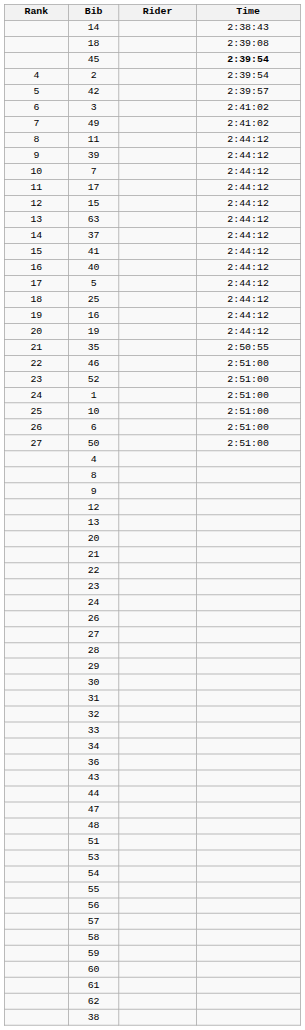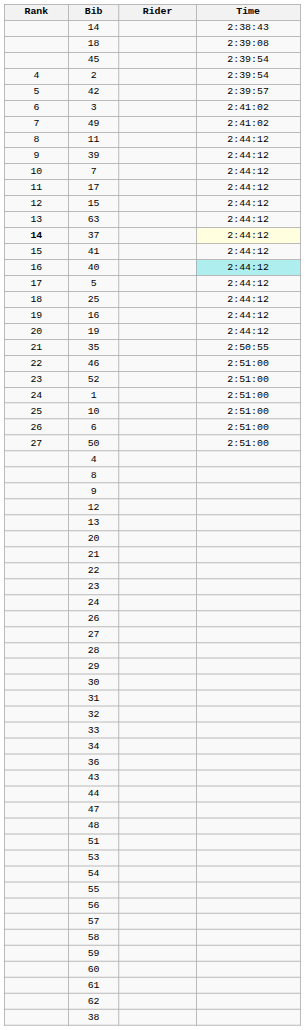 <table class="wikitable" style="text-align:center;font-size:95%;width:30em;">
 <tr>
 <th>Rank</th>
 <th>Bib</th>
 <th>Rider</th>
 <th>Time</th>
 </tr>
 <tr>
 <td></td>
 <td>14</td>
 <td style="text-align:left;"></td>
 <td>2:38:43</td>
 </tr>
 <tr>
 <td></td>
 <td>18</td>
 <td style="text-align:left;"></td>
 <td>2:39:08</td>
 </tr>
 <tr>
 <td></td>
 <td>45</td>
 <td style="text-align:left;"></td>
-<td><strong>2:39:54</strong></td>
+<td>2:39:54</td>
 </tr>
 <tr>
 <td>4</td>
 <td>2</td>
 <td style="text-align:left;"></td>
 <td>2:39:54</td>
 </tr>
 <tr>
 <td>5</td>
 <td>42</td>
 <td style="text-align:left;"></td>
 <td>2:39:57</td>
 </tr>
 <tr>
 <td>6</td>
 <td>3</td>
 <td style="text-align:left;"></td>
 <td>2:41:02</td>
 </tr>
 <tr>
 <td>7</td>
 <td>49</td>
 <td style="text-align:left;"></td>
 <td>2:41:02</td>
 </tr>
 <tr>
 <td>8</td>
 <td>11</td>
 <td style="text-align:left"></td>
 <td>2:44:12</td>
 </tr>
 <tr>
 <td>9</td>
 <td>39</td>
 <td style="text-align:left;"></td>
 <td>2:44:12</td>
 </tr>
 <tr>
 <td>10</td>
 <td>7</td>
 <td style="text-align:left;"></td>
 <td>2:44:12</td>
 </tr>
 <tr>
 <td>11</td>
 <td>17</td>
 <td style="text-align:left;"></td>
 <td>2:44:12</td>
 </tr>
 <tr>
 <td>12</td>
 <td>15</td>
 <td style="text-align:left;"></td>
 <td>2:44:12</td>
 </tr>
 <tr>
 <td>13</td>
 <td>63</td>
 <td style="text-align:left;"></td>
 <td>2:44:12</td>
 </tr>
 <tr>
-<td>14</td>
+<td><strong>14</strong></td>
 <td>37</td>
 <td style="text-align:left;"></td>
-<td>2:44:12</td>
+<td style="background: lightyellow;">2:44:12</td>
 </tr>
 <tr>
 <td>15</td>
 <td>41</td>
 <td style="text-align:left;"></td>
 <td>2:44:12</td>
 </tr>
 <tr>
 <td>16</td>
 <td>40</td>
 <td style="text-align:left;"></td>
-<td>2:44:12</td>
+<td style="background: paleturquoise;">2:44:12</td>
 </tr>
 <tr>
 <td>17</td>
 <td>5</td>
 <td style="text-align:left;"></td>
 <td>2:44:12</td>
 </tr>
 <tr>
 <td>18</td>
 <td>25</td>
 <td style="text-align:left;"></td>
 <td>2:44:12</td>
 </tr>
 <tr>
 <td>19</td>
 <td>16</td>
 <td style="text-align:left;"></td>
 <td>2:44:12</td>
 </tr>
 <tr>
 <td>20</td>
 <td>19</td>
 <td style="text-align:left;"></td>
 <td>2:44:12</td>
 </tr>
 <tr>
 <td>21</td>
 <td>35</td>
 <td style="text-align:left;"></td>
 <td>2:50:55</td>
 </tr>
 <tr>
 <td>22</td>
 <td>46</td>
 <td style="text-align:left;"></td>
 <td>2:51:00</td>
 </tr>
 <tr>
 <td>23</td>
 <td>52</td>
 <td style="text-align:left;"></td>
 <td>2:51:00</td>
 </tr>
 <tr>
 <td>24</td>
 <td>1</td>
 <td style="text-align:left;"></td>
 <td>2:51:00</td>
 </tr>
 <tr>
 <td>25</td>
 <td>10</td>
 <td style="text-align:left;"></td>
 <td>2:51:00</td>
 </tr>
 <tr>
 <td>26</td>
 <td>6</td>
 <td style="text-align:left;"></td>
 <td>2:51:00</td>
 </tr>
 <tr>
 <td>27</td>
 <td>50</td>
 <td style="text-align:left;"></td>
 <td>2:51:00</td>
 </tr>
 <tr>
 <td></td>
 <td>4</td>
 <td style="text-align:left;"></td>
 <td></td>
 </tr>
 <tr>
 <td></td>
 <td>8</td>
 <td style="text-align:left;"></td>
 <td></td>
 </tr>
 <tr>
 <td></td>
 <td>9</td>
 <td style="text-align:left;"></td>
 <td></td>
 </tr>
 <tr>
 <td></td>
 <td>12</td>
 <td style="text-align:left;"></td>
 <td></td>
 </tr>
 <tr>
 <td></td>
 <td>13</td>
 <td style="text-align:left;"></td>
 <td></td>
 </tr>
 <tr>
 <td></td>
 <td>20</td>
 <td style="text-align:left;"></td>
 <td></td>
 </tr>
 <tr>
 <td></td>
 <td>21</td>
 <td style="text-align:left;"></td>
 <td></td>
 </tr>
 <tr>
 <td></td>
 <td>22</td>
 <td style="text-align:left;"></td>
 <td></td>
 </tr>
 <tr>
 <td></td>
 <td>23</td>
 <td style="text-align:left;"></td>
 <td></td>
 </tr>
 <tr>
 <td></td>
 <td>24</td>
 <td style="text-align:left;"></td>
 <td></td>
 </tr>
 <tr>
 <td></td>
 <td>26</td>
 <td style="text-align:left;"></td>
 <td></td>
 </tr>
 <tr>
 <td></td>
 <td>27</td>
 <td style="text-align:left;"></td>
 <td></td>
 </tr>
 <tr>
 <td></td>
 <td>28</td>
 <td style="text-align:left;"></td>
 <td></td>
 </tr>
 <tr>
 <td></td>
 <td>29</td>
 <td style="text-align:left;"></td>
 <td></td>
 </tr>
 <tr>
 <td></td>
 <td>30</td>
 <td style="text-align:left;"></td>
 <td></td>
 </tr>
 <tr>
 <td></td>
 <td>31</td>
 <td style="text-align:left;"></td>
 <td></td>
 </tr>
 <tr>
 <td></td>
 <td>32</td>
 <td style="text-align:left;"></td>
 <td></td>
 </tr>
 <tr>
 <td></td>
 <td>33</td>
 <td style="text-align:left;"></td>
 <td></td>
 </tr>
 <tr>
 <td></td>
 <td>34</td>
 <td style="text-align:left;"></td>
 <td></td>
 </tr>
 <tr>
 <td></td>
 <td>36</td>
 <td style="text-align:left;"></td>
 <td></td>
 </tr>
 <tr>
 <td></td>
 <td>43</td>
 <td style="text-align:left;"></td>
 <td></td>
 </tr>
 <tr>
 <td></td>
 <td>44</td>
 <td style="text-align:left;"></td>
 <td></td>
 </tr>
 <tr>
 <td></td>
 <td>47</td>
 <td style="text-align:left;"></td>
 <td></td>
 </tr>
 <tr>
 <td></td>
 <td>48</td>
 <td style="text-align:left;"></td>
 <td></td>
 </tr>
 <tr>
 <td></td>
 <td>51</td>
 <td style="text-align:left;"></td>
 <td></td>
 </tr>
 <tr>
 <td></td>
 <td>53</td>
 <td style="text-align:left;"></td>
 <td></td>
 </tr>
 <tr>
 <td></td>
 <td>54</td>
 <td style="text-align:left;"></td>
 <td></td>
 </tr>
 <tr>
 <td></td>
 <td>55</td>
 <td style="text-align:left;"></td>
 <td></td>
 </tr>
 <tr>
 <td></td>
 <td>56</td>
 <td style="text-align:left;"></td>
 <td></td>
 </tr>
 <tr>
 <td></td>
 <td>57</td>
 <td style="text-align:left;"></td>
 <td></td>
 </tr>
 <tr>
 <td></td>
 <td>58</td>
 <td style="text-align:left;"></td>
 <td></td>
 </tr>
 <tr>
 <td></td>
 <td>59</td>
 <td style="text-align:left;"></td>
 <td></td>
 </tr>
 <tr>
 <td></td>
 <td>60</td>
 <td style="text-align:left;"></td>
 <td></td>
 </tr>
 <tr>
 <td></td>
 <td>61</td>
 <td style="text-align:left;"></td>
 <td></td>
 </tr>
 <tr>
 <td></td>
 <td>62</td>
 <td style="text-align:left;"></td>
 <td></td>
 </tr>
 <tr>
 <td></td>
 <td>38</td>
 <td style="text-align:left;"></td>
 <td></td>
 </tr>
 </table>
